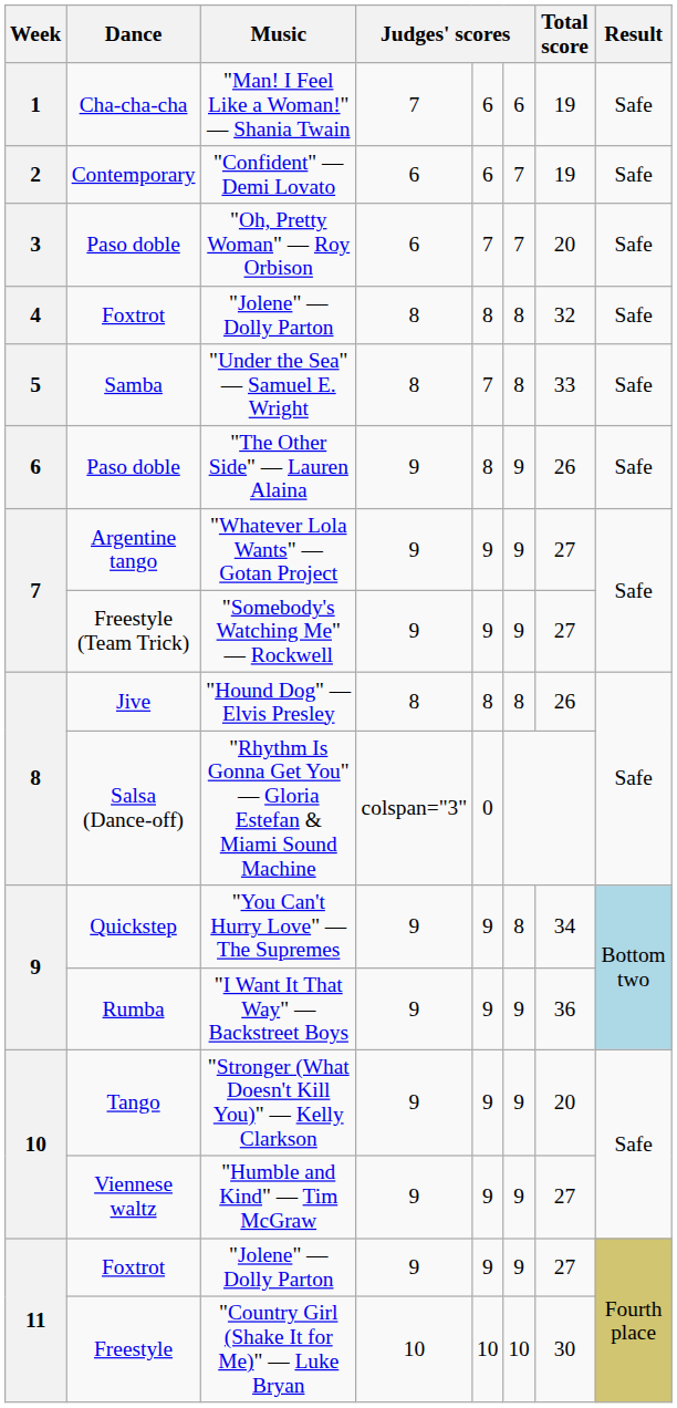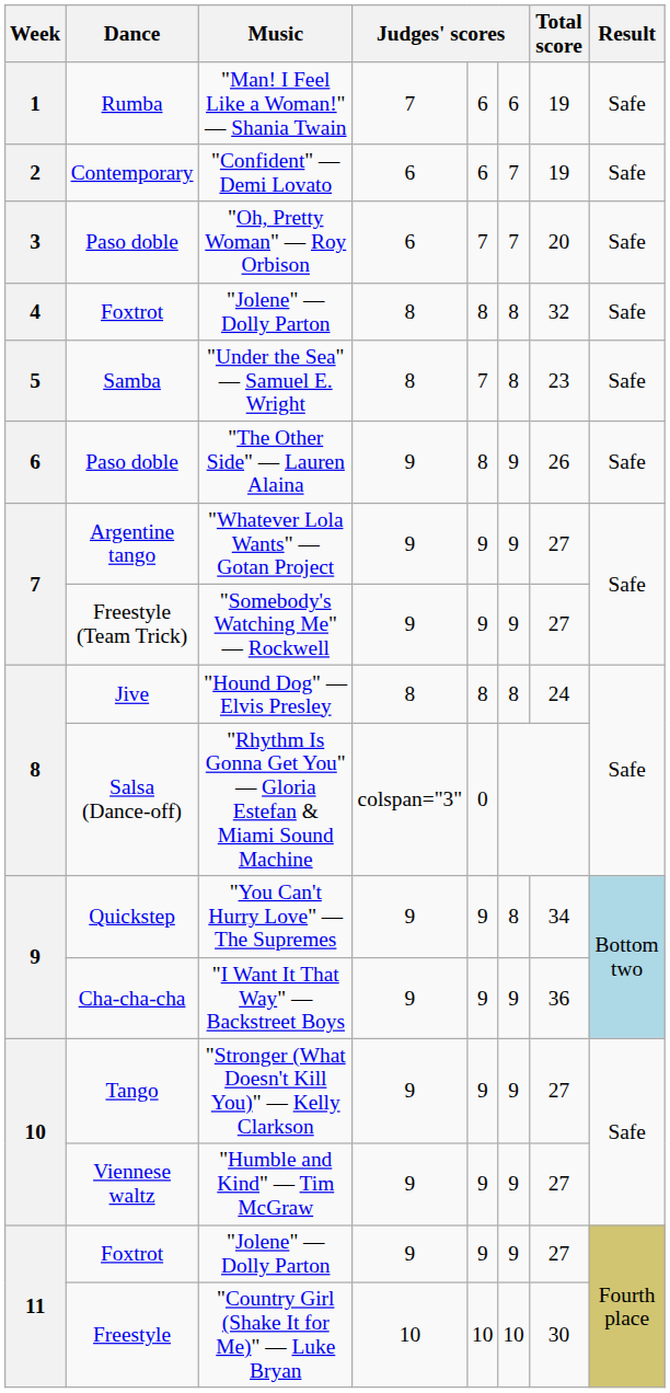 <table class="wikitable unsortable" style="text-align:center; width:80%">
 <tr>
 <th scope="col">Week</th>
 <th scope="col">Dance</th>
 <th scope="col">Music</th>
 <th scope="col" colspan="3">Judges' scores</th>
 <th scope="col">Total score</th>
 <th scope="col">Result</th>
 </tr>
 <tr>
 <th scope="row">1</th>
-<td><a href='#'>Cha-cha-cha</a></td>
+<td><a href='#'>Rumba</a></td>
 <td>"<a href='#'>Man! I Feel Like a Woman!</a>" — <a href='#'>Shania Twain</a></td>
 <td>7</td>
 <td>6</td>
 <td>6</td>
 <td>19</td>
 <td>Safe</td>
 </tr>
 <tr>
 <th scope="row">2</th>
 <td><a href='#'>Contemporary</a></td>
 <td>"<a href='#'>Confident</a>" — <a href='#'>Demi Lovato</a></td>
 <td>6</td>
 <td>6</td>
 <td>7</td>
 <td>19</td>
 <td>Safe</td>
 </tr>
 <tr>
 <th scope="row">3</th>
 <td><a href='#'>Paso doble</a></td>
 <td>"<a href='#'>Oh, Pretty Woman</a>" — <a href='#'>Roy Orbison</a></td>
 <td>6</td>
 <td>7</td>
 <td>7</td>
 <td>20</td>
 <td>Safe</td>
 </tr>
 <tr>
 <th scope="row">4</th>
 <td><a href='#'>Foxtrot</a></td>
 <td>"<a href='#'>Jolene</a>" — <a href='#'>Dolly Parton</a></td>
 <td>8</td>
 <td>8</td>
 <td>8</td>
 <td>32</td>
 <td>Safe</td>
 </tr>
 <tr>
 <th scope="row">5</th>
 <td><a href='#'>Samba</a></td>
 <td>"<a href='#'>Under the Sea</a>" — <a href='#'>Samuel E. Wright</a></td>
 <td>8</td>
 <td>7</td>
 <td>8</td>
-<td>33</td>
+<td>23</td>
 <td>Safe</td>
 </tr>
 <tr>
 <th scope="row">6</th>
 <td><a href='#'>Paso doble</a></td>
 <td>"<a href='#'>The Other Side</a>" — <a href='#'>Lauren Alaina</a></td>
 <td>9</td>
 <td>8</td>
 <td>9</td>
 <td>26</td>
 <td>Safe</td>
 </tr>
 <tr>
 <th rowspan="2" scope="row">7</th>
 <td><a href='#'>Argentine tango</a></td>
 <td>"<a href='#'>Whatever Lola Wants</a>" — <a href='#'>Gotan Project</a></td>
 <td>9</td>
 <td>9</td>
 <td>9</td>
 <td>27</td>
 <td rowspan="2">Safe</td>
 </tr>
 <tr>
 <td>Freestyle<br>(Team Trick)</td>
 <td>"<a href='#'>Somebody's Watching Me</a>" — <a href='#'>Rockwell</a></td>
 <td>9</td>
 <td>9</td>
 <td>9</td>
 <td>27</td>
 </tr>
 <tr>
 <th rowspan="2" scope="row">8</th>
 <td><a href='#'>Jive</a></td>
 <td>"<a href='#'>Hound Dog</a>" — <a href='#'>Elvis Presley</a></td>
 <td>8</td>
 <td>8</td>
 <td>8</td>
-<td>26</td>
+<td>24</td>
 <td rowspan="2">Safe</td>
 </tr>
 <tr>
 <td><a href='#'>Salsa</a><br>(Dance-off)</td>
 <td>"<a href='#'>Rhythm Is Gonna Get You</a>" — <a href='#'>Gloria Estefan</a> & <a href='#'>Miami Sound Machine</a></td>
 <td>colspan="3" </td>
 <td>0</td>
 </tr>
 <tr>
 <th rowspan="2" scope="row">9</th>
 <td><a href='#'>Quickstep</a></td>
 <td>"<a href='#'>You Can't Hurry Love</a>" — <a href='#'>The Supremes</a></td>
 <td>9</td>
 <td>9</td>
 <td>8</td>
 <td>34</td>
 <td rowspan="2" bgcolor="lightblue">Bottom two</td>
 </tr>
 <tr>
-<td><a href='#'>Rumba</a></td>
+<td><a href='#'>Cha-cha-cha</a></td>
 <td>"<a href='#'>I Want It That Way</a>" — <a href='#'>Backstreet Boys</a></td>
 <td>9</td>
 <td>9</td>
 <td>9</td>
 <td>36</td>
 </tr>
 <tr>
 <th rowspan="2" scope="row">10<br></th>
 <td><a href='#'>Tango</a></td>
 <td>"<a href='#'>Stronger (What Doesn't Kill You)</a>" — <a href='#'>Kelly Clarkson</a></td>
 <td>9</td>
 <td>9</td>
 <td>9</td>
-<td>20</td>
+<td>27</td>
 <td rowspan="2">Safe</td>
 </tr>
 <tr>
 <td><a href='#'>Viennese waltz</a></td>
 <td>"<a href='#'>Humble and Kind</a>" — <a href='#'>Tim McGraw</a></td>
 <td>9</td>
 <td>9</td>
 <td>9</td>
 <td>27</td>
 </tr>
 <tr>
 <th rowspan="2" scope="row">11<br></th>
 <td><a href='#'>Foxtrot</a></td>
 <td>"<a href='#'>Jolene</a>" — <a href='#'>Dolly Parton</a></td>
 <td>9</td>
 <td>9</td>
 <td>9</td>
 <td>27</td>
 <td rowspan="2" bgcolor="d1c571">Fourth place</td>
 </tr>
 <tr>
 <td><a href='#'>Freestyle</a></td>
 <td>"<a href='#'>Country Girl (Shake It for Me)</a>" — <a href='#'>Luke Bryan</a></td>
 <td>10</td>
 <td>10</td>
 <td>10</td>
 <td>30</td>
 </tr>
 </table>
